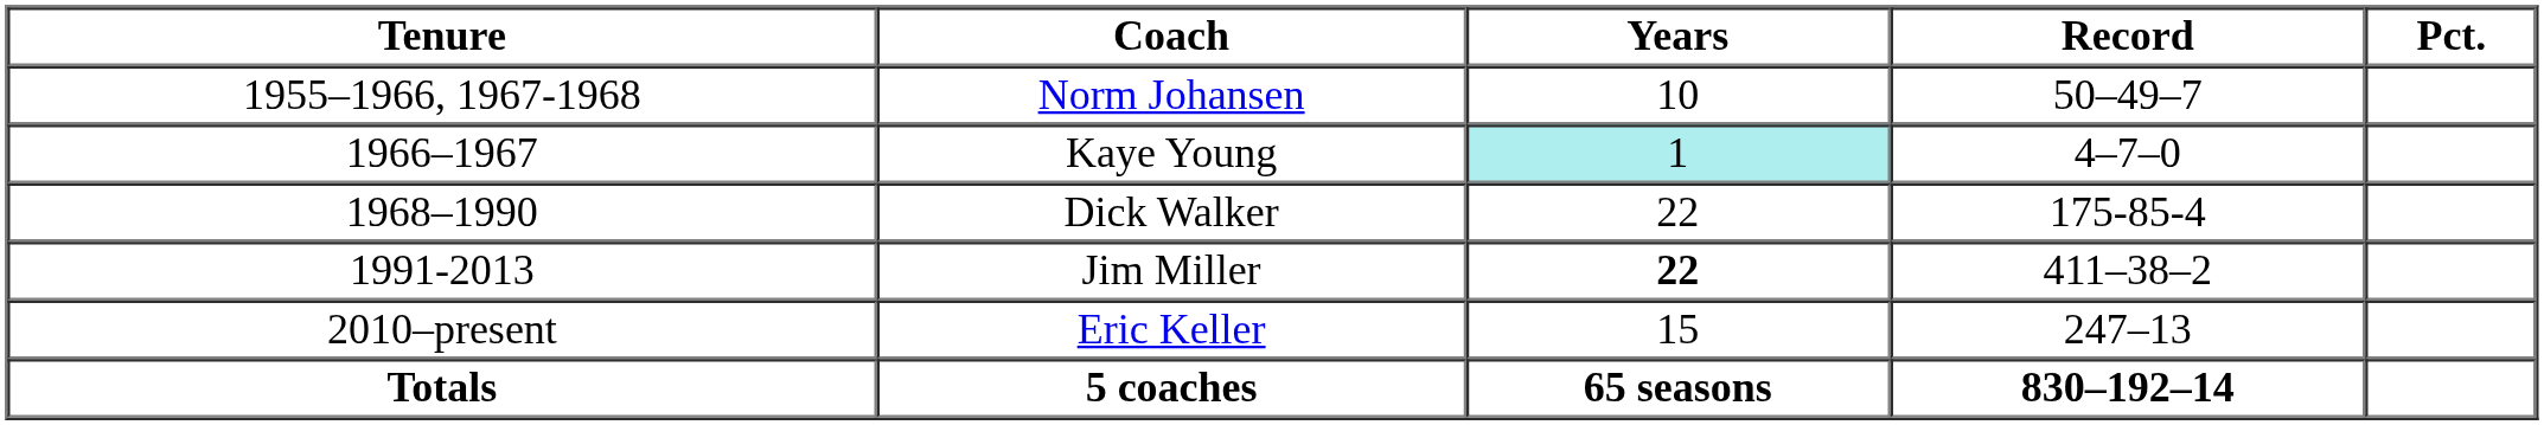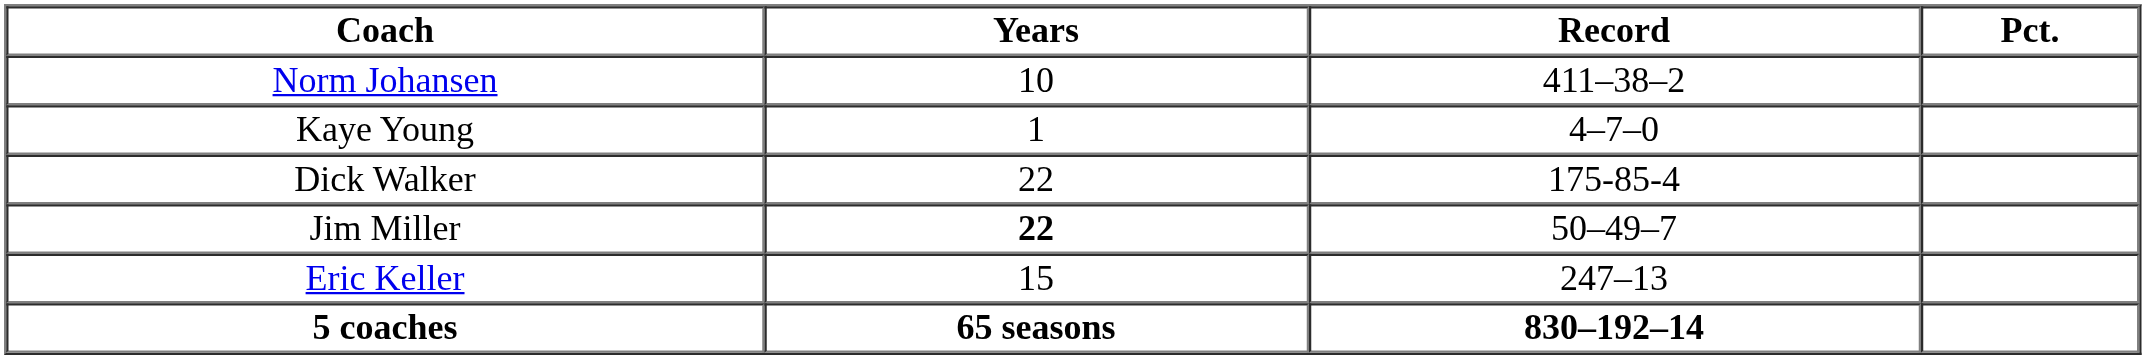 <table cellpadding="1" border="1" cellspacing="0" width="60%">
 <tr>
-<th>Tenure</th>
 <th>Coach</th>
 <th>Years</th>
 <th>Record</th>
 <th>Pct.</th>
 </tr>
 <tr align="center">
-<td>1955–1966, 1967-1968</td>
 <td><a href='#'>Norm Johansen</a></td>
 <td>10</td>
-<td>50–49–7</td>
+<td>411–38–2</td>
 <td></td>
 </tr>
 <tr align="center">
-<td>1966–1967</td>
 <td>Kaye Young</td>
-<td style="background: paleturquoise;">1</td>
+<td>1</td>
 <td>4–7–0</td>
 <td></td>
 </tr>
 <tr align="center">
-<td>1968–1990</td>
 <td>Dick Walker</td>
 <td>22</td>
 <td>175-85-4</td>
 <td></td>
 </tr>
 <tr align="center">
-<td>1991-2013</td>
 <td>Jim Miller</td>
 <td><strong>22</strong></td>
-<td>411–38–2</td>
+<td>50–49–7</td>
 <td></td>
 </tr>
 <tr align="center">
-<td>2010–present</td>
 <td><a href='#'>Eric Keller</a></td>
 <td>15</td>
 <td>247–13</td>
 <td></td>
 </tr>
 <tr align=center>
-<th>Totals</th>
 <th>5 coaches</th>
 <th>65 seasons</th>
 <th>830–192–14</th>
 <th></th>
 </tr>
 </table>
